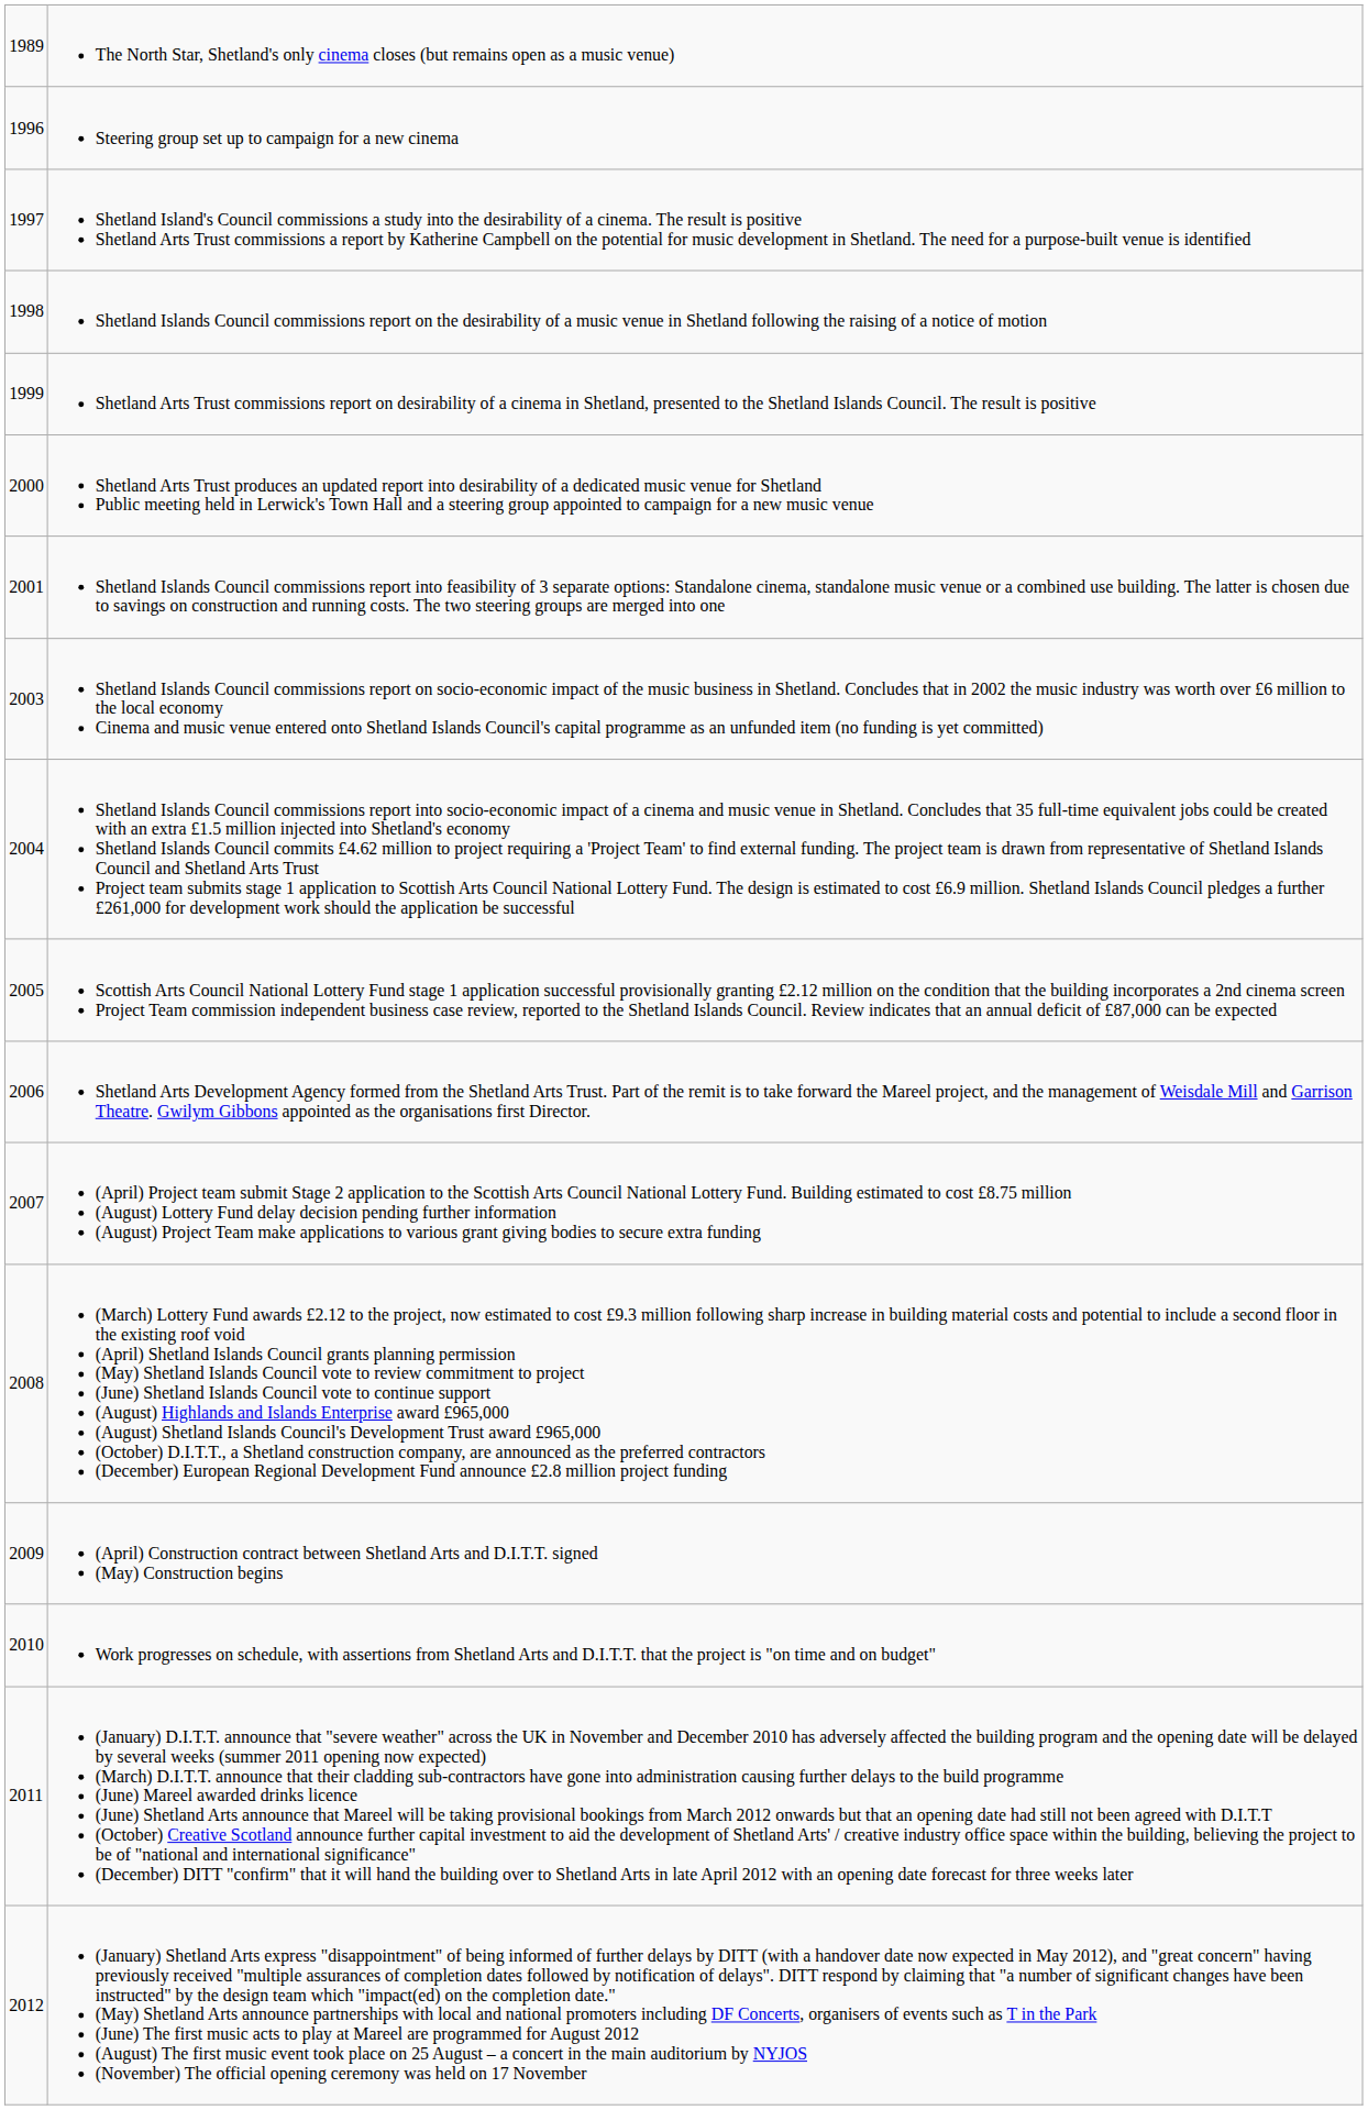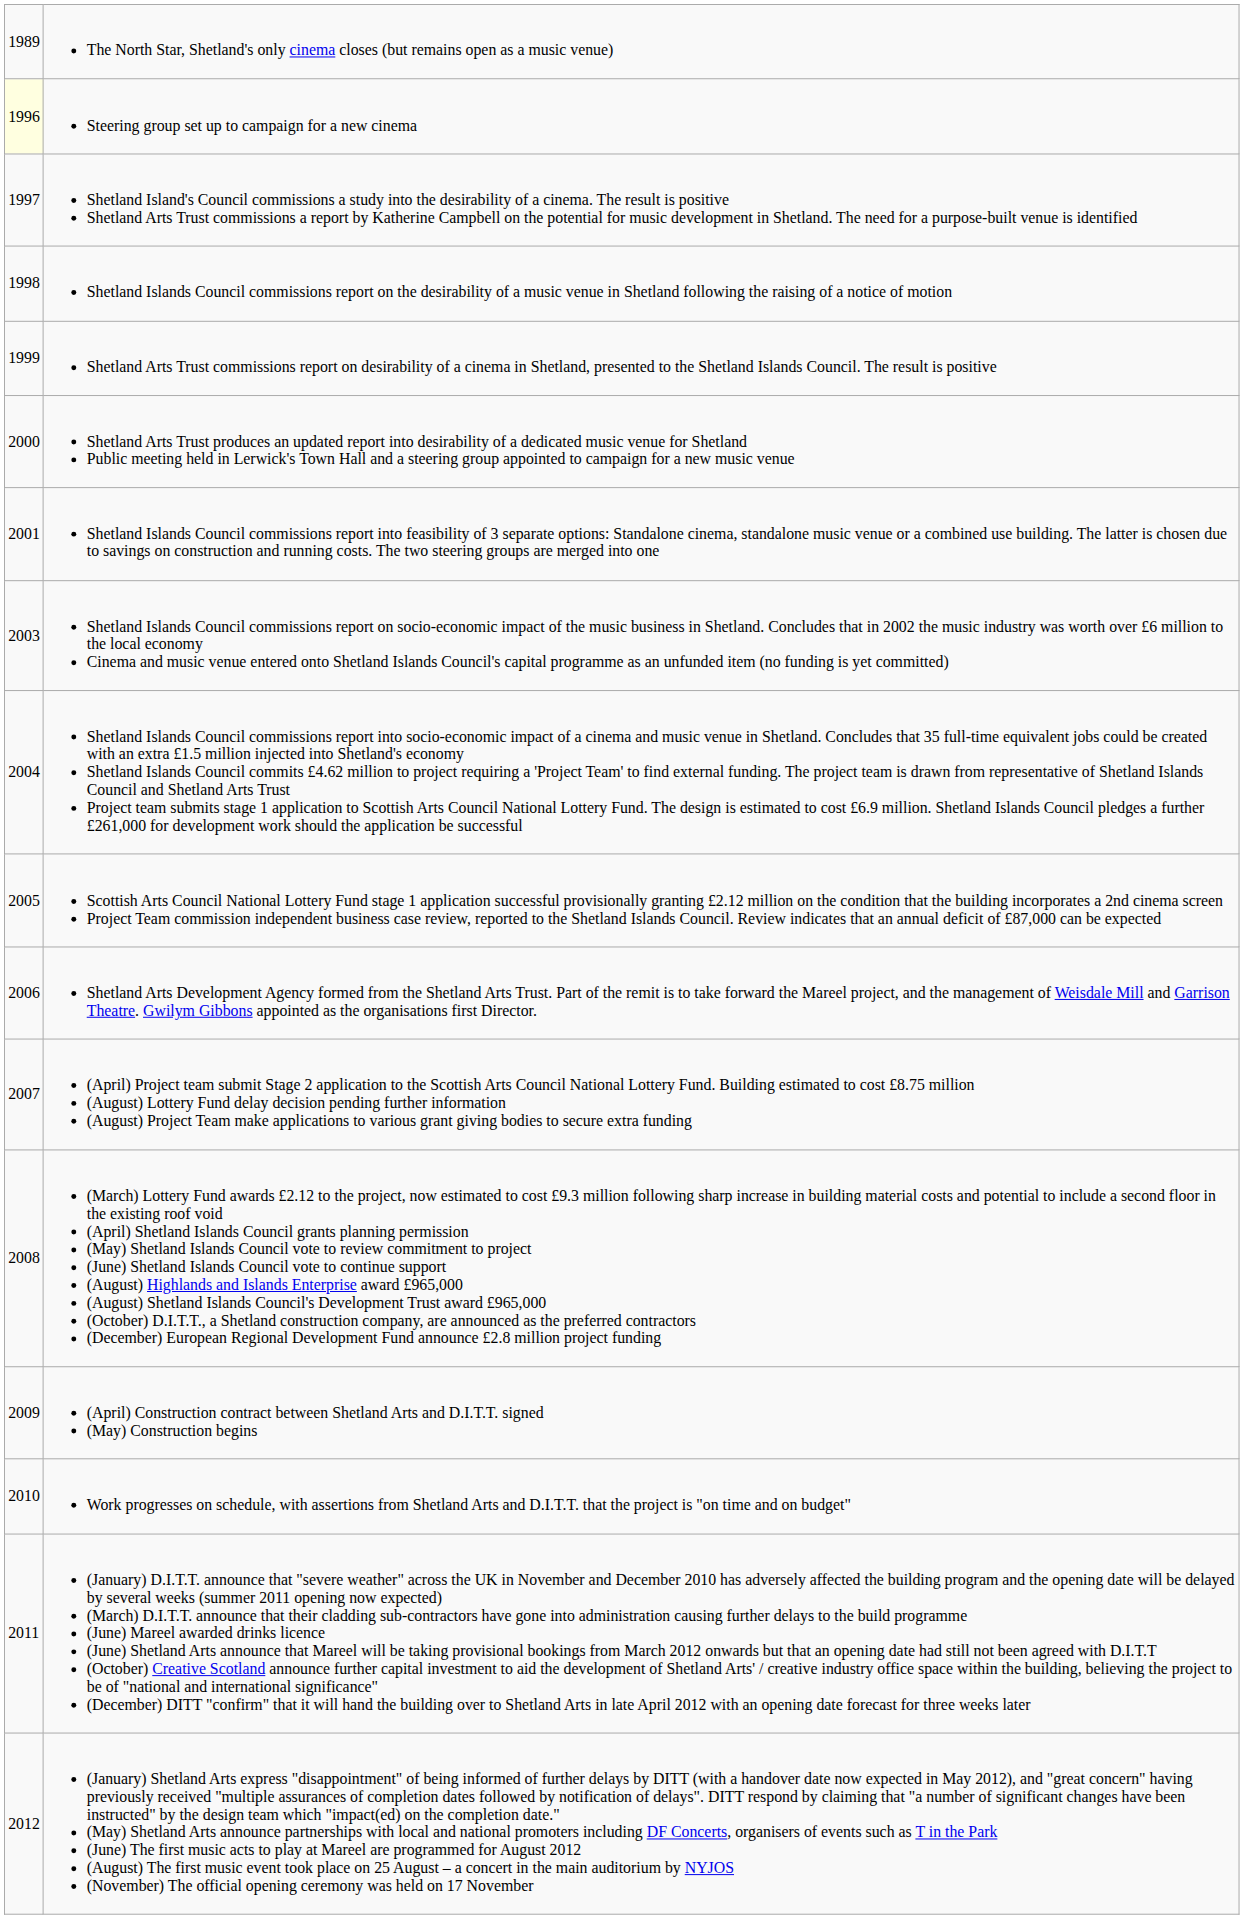 <table class="wikitable" border="1">
 <tr>
 <td>1989</td>
 <td><br><ul><li>The North Star, Shetland's only <a href='#'>cinema</a> closes (but remains open as a music venue)</li></ul></td>
 </tr>
 <tr>
-<td>1996</td>
+<td style="background: lightyellow;">1996</td>
 <td><br><ul><li>Steering group set up to campaign for a new cinema</li></ul></td>
 </tr>
 <tr>
 <td>1997</td>
 <td><br><ul><li>Shetland Island's Council commissions a study into the desirability of a cinema. The result is positive</li><li>Shetland Arts Trust commissions a report by Katherine Campbell on the potential for music development in Shetland. The need for a purpose-built venue is identified</li></ul></td>
 </tr>
 <tr>
 <td>1998</td>
 <td><br><ul><li>Shetland Islands Council commissions report on the desirability of a music venue in Shetland following the raising of a notice of motion</li></ul></td>
 </tr>
 <tr>
 <td>1999</td>
 <td><br><ul><li>Shetland Arts Trust commissions report on desirability of a cinema in Shetland, presented to the Shetland Islands Council. The result is positive</li></ul></td>
 </tr>
 <tr>
 <td>2000</td>
 <td><br><ul><li>Shetland Arts Trust produces an updated report into desirability of a dedicated music venue for Shetland</li><li>Public meeting held in Lerwick's Town Hall and a steering group appointed to campaign for a new music venue</li></ul></td>
 </tr>
 <tr>
 <td>2001</td>
 <td><br><ul><li>Shetland Islands Council commissions report into feasibility of 3 separate options: Standalone cinema, standalone music venue or a combined use building. The latter is chosen due to savings on construction and running costs. The two steering groups are merged into one</li></ul></td>
 </tr>
 <tr>
 <td>2003</td>
 <td><br><ul><li>Shetland Islands Council commissions report on socio-economic impact of the music business in Shetland. Concludes that in 2002 the music industry was worth over £6 million to the local economy</li><li>Cinema and music venue entered onto Shetland Islands Council's capital programme as an unfunded item (no funding is yet committed)</li></ul></td>
 </tr>
 <tr>
 <td>2004</td>
 <td><br><ul><li>Shetland Islands Council commissions report into socio-economic impact of a cinema and music venue in Shetland. Concludes that 35 full-time equivalent jobs could be created with an extra £1.5 million injected into Shetland's economy</li><li>Shetland Islands Council commits £4.62 million to project requiring a 'Project Team' to find external funding. The project team is drawn from representative of Shetland Islands Council and Shetland Arts Trust</li><li>Project team submits stage 1 application to Scottish Arts Council National Lottery Fund. The design is estimated to cost £6.9 million. Shetland Islands Council pledges a further £261,000 for development work should the application be successful</li></ul></td>
 </tr>
 <tr>
 <td>2005</td>
 <td><br><ul><li>Scottish Arts Council National Lottery Fund stage 1 application successful provisionally granting £2.12 million on the condition that the building incorporates a 2nd cinema screen</li><li>Project Team commission independent business case review, reported to the Shetland Islands Council. Review indicates that an annual deficit of £87,000 can be expected</li></ul></td>
 </tr>
 <tr>
 <td>2006</td>
 <td><br><ul><li>Shetland Arts Development Agency formed from the Shetland Arts Trust. Part of the remit is to take forward the Mareel project, and the management of <a href='#'>Weisdale Mill</a> and <a href='#'>Garrison Theatre</a>. <a href='#'>Gwilym Gibbons</a> appointed as the organisations first Director.</li></ul></td>
 </tr>
 <tr>
 <td>2007</td>
 <td><br><ul><li>(April) Project team submit Stage 2 application to the Scottish Arts Council National Lottery Fund. Building estimated to cost £8.75 million</li><li>(August) Lottery Fund delay decision pending further information</li><li>(August) Project Team make applications to various grant giving bodies to secure extra funding</li></ul></td>
 </tr>
 <tr>
 <td>2008</td>
 <td><br><ul><li>(March) Lottery Fund awards £2.12 to the project, now estimated to cost £9.3 million following sharp increase in building material costs and potential to include a second floor in the existing roof void</li><li>(April) Shetland Islands Council grants planning permission</li><li>(May) Shetland Islands Council vote to review commitment to project</li><li>(June) Shetland Islands Council vote to continue support</li><li>(August) <a href='#'>Highlands and Islands Enterprise</a> award £965,000</li><li>(August) Shetland Islands Council's Development Trust award £965,000</li><li>(October) D.I.T.T., a Shetland construction company, are announced as the preferred contractors</li><li>(December) European Regional Development Fund announce £2.8 million project funding</li></ul></td>
 </tr>
 <tr>
 <td>2009</td>
 <td><br><ul><li>(April) Construction contract between Shetland Arts and D.I.T.T. signed</li><li>(May) Construction begins</li></ul></td>
 </tr>
 <tr>
 <td>2010</td>
 <td><br><ul><li>Work progresses on schedule, with assertions from Shetland Arts and D.I.T.T. that the project is "on time and on budget"</li></ul></td>
 </tr>
 <tr>
 <td>2011</td>
 <td><br><ul><li>(January) D.I.T.T. announce that "severe weather" across the UK in November and December 2010 has adversely affected the building program and the opening date will be delayed by several weeks (summer 2011 opening now expected)</li><li>(March) D.I.T.T. announce that their cladding sub-contractors have gone into administration causing further delays to the build programme</li><li>(June) Mareel awarded drinks licence</li><li>(June) Shetland Arts announce that Mareel will be taking provisional bookings from March 2012 onwards but that an opening date had still not been agreed with D.I.T.T</li><li>(October) <a href='#'>Creative Scotland</a> announce further capital investment to aid the development of Shetland Arts' / creative industry office space within the building, believing the project to be of "national and international significance"</li><li>(December) DITT "confirm" that it will hand the building over to Shetland Arts in late April 2012 with an opening date forecast for three weeks later</li></ul></td>
 </tr>
 <tr>
 <td>2012</td>
 <td><br><ul><li>(January) Shetland Arts express "disappointment" of being informed of further delays by DITT (with a handover date now expected in May 2012), and "great concern" having previously received "multiple assurances of completion dates followed by notification of delays". DITT respond by claiming that "a number of significant changes have been instructed" by the design team which "impact(ed) on the completion date."</li><li>(May) Shetland Arts announce partnerships with local and national promoters including <a href='#'>DF Concerts</a>, organisers of events such as <a href='#'>T in the Park</a></li><li>(June) The first music acts to play at Mareel are programmed for August 2012</li><li>(August) The first music event took place on 25 August – a concert in the main auditorium by <a href='#'>NYJOS</a></li><li>(November) The official opening ceremony was held on 17 November</li></ul></td>
 </tr>
 </table>
